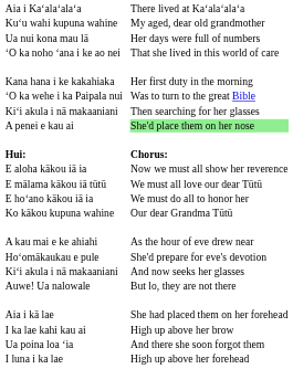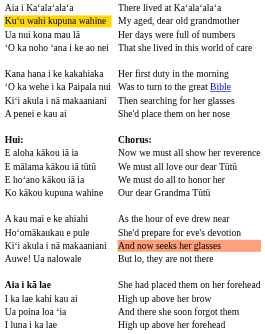 <table>
 <tr>
 <td>Aia i Kaʻalaʻalaʻa</td>
 <td rowspan=99> </td>
 <td>There lived at Kaʻalaʻalaʻa</td>
 </tr>
 <tr>
-<td>Kuʻu wahi kupuna wahine</td>
+<td style="background: gold;">Kuʻu wahi kupuna wahine</td>
 <td>My aged, dear old grandmother</td>
 </tr>
 <tr>
 <td>Ua nui kona mau lā</td>
 <td>Her days were full of numbers</td>
 </tr>
 <tr>
 <td>ʻO ka noho ʻana i ke ao nei</td>
 <td>That she lived in this world of care</td>
 </tr>
 <tr>
 <td> </td>
 <td> </td>
 </tr>
 <tr>
 <td>Kana hana i ke kakahiaka</td>
 <td>Her first duty in the morning</td>
 </tr>
 <tr>
 <td>ʻO ka wehe i ka Paipala nui</td>
 <td>Was to turn to the great <a href='#'>Bible</a></td>
 </tr>
 <tr>
 <td>Kiʻi akula i nā makaaniani</td>
 <td>Then searching for her glasses</td>
 </tr>
 <tr>
 <td>A penei e kau ai</td>
-<td style="background: lightgreen;">She'd place them on her nose</td>
+<td>She'd place them on her nose</td>
 </tr>
 <tr>
 <td> </td>
 <td> </td>
 </tr>
 <tr>
 <td><strong>Hui:</strong></td>
 <td><strong>Chorus:</strong></td>
 </tr>
 <tr>
 <td>E aloha kākou iā ia</td>
 <td>Now we must all show her reverence</td>
 </tr>
 <tr>
 <td>E mālama kākou iā tūtū</td>
 <td>We must all love our dear Tūtū</td>
 </tr>
 <tr>
 <td>E hoʻano kākou iā ia</td>
 <td>We must do all to honor her</td>
 </tr>
 <tr>
 <td>Ko kākou kupuna wahine</td>
 <td>Our dear Grandma Tūtū</td>
 </tr>
 <tr>
 <td> </td>
 <td> </td>
 </tr>
 <tr>
 <td>A kau mai e ke ahiahi</td>
 <td>As the hour of eve drew near</td>
 </tr>
 <tr>
 <td>Hoʻomākaukau e pule</td>
 <td>She'd prepare for eve's devotion</td>
 </tr>
 <tr>
 <td>Kiʻi akula i nā makaaniani</td>
-<td>And now seeks her glasses</td>
+<td style="background: lightsalmon;">And now seeks her glasses</td>
 </tr>
 <tr>
 <td>Auwe! Ua nalowale</td>
 <td>But lo, they are not there</td>
 </tr>
 <tr>
 <td> </td>
 <td> </td>
 </tr>
 <tr>
-<td>Aia i kā lae</td>
+<td><strong>Aia i kā lae</strong></td>
 <td>She had placed them on her forehead</td>
 </tr>
 <tr>
 <td>I ka lae kahi kau ai</td>
 <td>High up above her brow</td>
 </tr>
 <tr>
 <td>Ua poina loa ʻia</td>
 <td>And there she soon forgot them</td>
 </tr>
 <tr>
 <td>I luna i ka lae</td>
 <td>High up above her forehead</td>
 </tr>
 </table>
